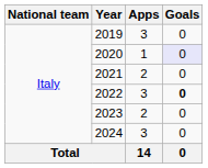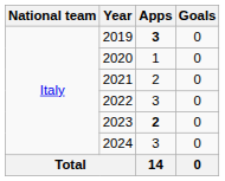 <table class = "wikitable" style = "text-align:center">
 <tr>
 <th>National team</th>
 <th>Year</th>
 <th>Apps</th>
 <th>Goals</th>
 </tr>
 <tr>
 <td rowspan=6><a href='#'>Italy</a></td>
 <td>2019</td>
-<td>3</td>
+<td><strong>3</strong></td>
 <td>0</td>
 </tr>
 <tr>
 <td>2020</td>
 <td>1</td>
-<td style="background: lavender;">0</td>
+<td>0</td>
 </tr>
 <tr>
 <td>2021</td>
 <td>2</td>
 <td>0</td>
 </tr>
 <tr>
 <td>2022</td>
 <td>3</td>
-<td><strong>0</strong></td>
+<td>0</td>
 </tr>
 <tr>
 <td>2023</td>
-<td>2</td>
+<td><strong>2</strong></td>
 <td>0</td>
 </tr>
 <tr>
 <td>2024</td>
 <td>3</td>
 <td>0</td>
 </tr>
 <tr>
 <th colspan=2>Total</th>
 <th>14</th>
 <th>0</th>
 </tr>
 </table>
